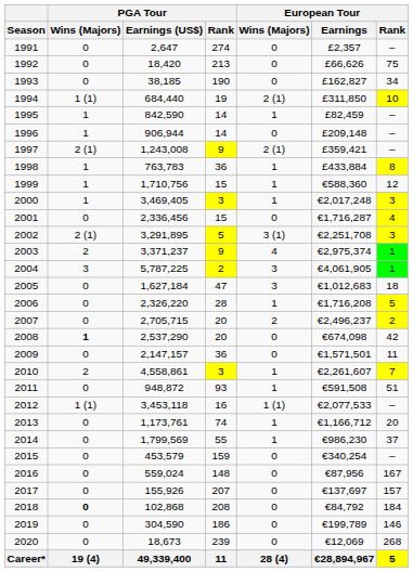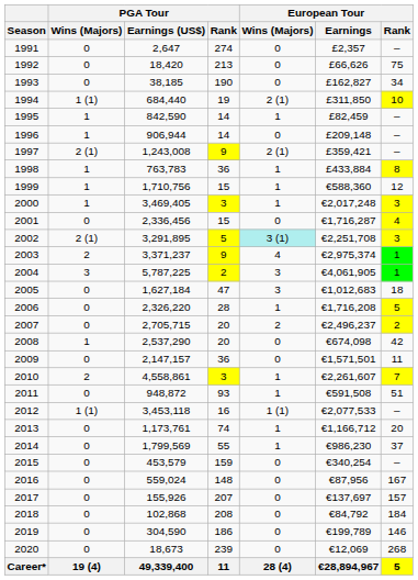 <table class=wikitable style="text-align:center">
 <tr>
 <th></th>
 <th colspan=3>PGA Tour</th>
 <th colspan=3>European Tour</th>
 </tr>
 <tr>
 <th>Season</th>
 <th>Wins (Majors)</th>
 <th>Earnings (US$)</th>
 <th>Rank</th>
 <th>Wins (Majors)</th>
 <th>Earnings</th>
 <th>Rank</th>
 </tr>
 <tr>
 <td>1991</td>
 <td>0</td>
 <td>2,647</td>
 <td>274</td>
 <td>0</td>
 <td>£2,357</td>
 <td>–</td>
 </tr>
 <tr>
 <td>1992</td>
 <td>0</td>
 <td>18,420</td>
 <td>213</td>
 <td>0</td>
 <td>£66,626</td>
 <td>75</td>
 </tr>
 <tr>
 <td>1993</td>
 <td>0</td>
 <td>38,185</td>
 <td>190</td>
 <td>0</td>
 <td>£162,827</td>
 <td>34</td>
 </tr>
 <tr>
 <td>1994</td>
 <td>1 (1)</td>
 <td>684,440</td>
 <td>19</td>
 <td>2 (1)</td>
 <td>£311,850</td>
 <td style="background:yellow;">10</td>
 </tr>
 <tr>
 <td>1995</td>
 <td>1</td>
 <td>842,590</td>
 <td>14</td>
 <td>1</td>
 <td>£82,459</td>
 <td>–</td>
 </tr>
 <tr>
 <td>1996</td>
 <td>1</td>
 <td>906,944</td>
 <td>14</td>
 <td>0</td>
 <td>£209,148</td>
 <td>–</td>
 </tr>
 <tr>
 <td>1997</td>
 <td>2 (1)</td>
 <td>1,243,008</td>
 <td style="background:yellow;">9</td>
 <td>2 (1)</td>
 <td>£359,421</td>
 <td>–</td>
 </tr>
 <tr>
 <td>1998</td>
 <td>1</td>
 <td>763,783</td>
 <td>36</td>
 <td>1</td>
 <td>£433,884</td>
 <td style="background:yellow;">8</td>
 </tr>
 <tr>
 <td>1999</td>
 <td>1</td>
 <td>1,710,756</td>
 <td>15</td>
 <td>1</td>
 <td>€588,360</td>
 <td>12</td>
 </tr>
 <tr>
 <td>2000</td>
 <td>1</td>
 <td>3,469,405</td>
 <td style="background:yellow;">3</td>
 <td>1</td>
 <td>€2,017,248</td>
 <td style="background:yellow;">3</td>
 </tr>
 <tr>
 <td>2001</td>
 <td>0</td>
 <td>2,336,456</td>
 <td>15</td>
 <td>0</td>
 <td>€1,716,287</td>
 <td style="background:yellow;">4</td>
 </tr>
 <tr>
 <td>2002</td>
 <td>2 (1)</td>
 <td>3,291,895</td>
 <td style="background:yellow;">5</td>
-<td>3 (1)</td>
+<td style="background: paleturquoise;">3 (1)</td>
 <td>€2,251,708</td>
 <td style="background:yellow;">3</td>
 </tr>
 <tr>
 <td>2003</td>
 <td>2</td>
 <td>3,371,237</td>
 <td style="background:yellow;">9</td>
 <td>4</td>
 <td>€2,975,374</td>
 <td style="background:lime;">1</td>
 </tr>
 <tr>
 <td>2004</td>
 <td>3</td>
 <td>5,787,225</td>
 <td style="background:yellow;">2</td>
 <td>3</td>
 <td>€4,061,905</td>
 <td style="background:lime;">1</td>
 </tr>
 <tr>
 <td>2005</td>
 <td>0</td>
 <td>1,627,184</td>
 <td>47</td>
 <td>3</td>
 <td>€1,012,683</td>
 <td>18</td>
 </tr>
 <tr>
 <td>2006</td>
 <td>0</td>
 <td>2,326,220</td>
 <td>28</td>
 <td>1</td>
 <td>€1,716,208</td>
 <td style="background:yellow;">5</td>
 </tr>
 <tr>
 <td>2007</td>
 <td>0</td>
 <td>2,705,715</td>
 <td>20</td>
 <td>2</td>
 <td>€2,496,237</td>
 <td style="background:yellow;">2</td>
 </tr>
 <tr>
 <td>2008</td>
-<td><strong>1</strong></td>
+<td>1</td>
 <td>2,537,290</td>
 <td>20</td>
 <td>0</td>
 <td>€674,098</td>
 <td>42</td>
 </tr>
 <tr>
 <td>2009</td>
 <td>0</td>
 <td>2,147,157</td>
 <td>36</td>
 <td>0</td>
 <td>€1,571,501</td>
 <td>11</td>
 </tr>
 <tr>
 <td>2010</td>
 <td>2</td>
 <td>4,558,861</td>
 <td style="background:yellow;">3</td>
 <td>1</td>
 <td>€2,261,607</td>
 <td style="background:yellow;">7</td>
 </tr>
 <tr>
 <td>2011</td>
 <td>0</td>
 <td>948,872</td>
 <td>93</td>
 <td>1</td>
 <td>€591,508</td>
 <td>51</td>
 </tr>
 <tr>
 <td>2012</td>
 <td>1 (1)</td>
 <td>3,453,118</td>
 <td>16</td>
 <td>1 (1)</td>
 <td>€2,077,533</td>
 <td>–</td>
 </tr>
 <tr>
 <td>2013</td>
 <td>0</td>
 <td>1,173,761</td>
 <td>74</td>
 <td>1</td>
 <td>€1,166,712</td>
 <td>20</td>
 </tr>
 <tr>
 <td>2014</td>
 <td>0</td>
 <td>1,799,569</td>
 <td>55</td>
 <td>1</td>
 <td>€986,230</td>
 <td>37</td>
 </tr>
 <tr>
 <td>2015</td>
 <td>0</td>
 <td>453,579</td>
 <td>159</td>
 <td>0</td>
 <td>€340,254</td>
 <td>–</td>
 </tr>
 <tr>
 <td>2016</td>
 <td>0</td>
 <td>559,024</td>
 <td>148</td>
 <td>0</td>
 <td>€87,956</td>
 <td>167</td>
 </tr>
 <tr>
 <td>2017</td>
 <td>0</td>
 <td>155,926</td>
 <td>207</td>
 <td>0</td>
 <td>€137,697</td>
 <td>157</td>
 </tr>
 <tr>
 <td>2018</td>
-<td><strong>0</strong></td>
+<td>0</td>
 <td>102,868</td>
 <td>208</td>
 <td>0</td>
 <td>€84,792</td>
 <td>184</td>
 </tr>
 <tr>
 <td>2019</td>
 <td>0</td>
 <td>304,590</td>
 <td>186</td>
 <td>0</td>
 <td>€199,789</td>
 <td>146</td>
 </tr>
 <tr>
 <td>2020</td>
 <td>0</td>
 <td>18,673</td>
 <td>239</td>
 <td>0</td>
 <td>€12,069</td>
 <td>268</td>
 </tr>
 <tr>
 <th>Career*</th>
 <th>19 (4)</th>
 <th>49,339,400</th>
 <th>11</th>
 <th>28 (4)</th>
 <th>€28,894,967</th>
 <th style="background:yellow;">5</th>
 </tr>
 </table>
